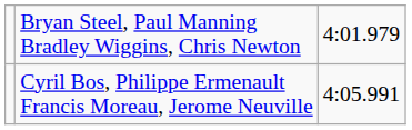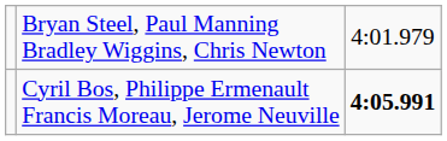 <table class="wikitable" style="text-align:center;">
 <tr>
 <td align=left></td>
 <td align=left><a href='#'>Bryan Steel</a>, <a href='#'>Paul Manning</a><br><a href='#'>Bradley Wiggins</a>, <a href='#'>Chris Newton</a></td>
 <td>4:01.979</td>
 </tr>
 <tr>
 <td align=left></td>
 <td align=left><a href='#'>Cyril Bos</a>, <a href='#'>Philippe Ermenault</a><br><a href='#'>Francis Moreau</a>, <a href='#'>Jerome Neuville</a></td>
-<td>4:05.991</td>
+<td><strong>4:05.991</strong></td>
 </tr>
 </table>
